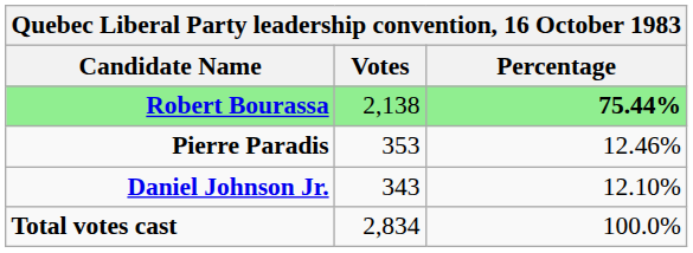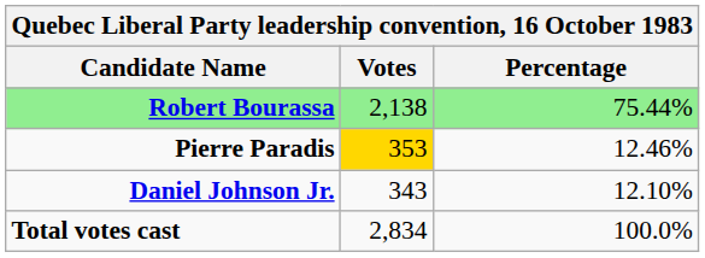 <table class="wikitable">
 <tr>
 <th colspan= 3>Quebec Liberal Party leadership convention, 16 October 1983</th>
 </tr>
 <tr>
 <th colspan = "1">Candidate Name</th>
 <th width = "50">Votes</th>
 <th>Percentage</th>
 </tr>
 <tr style="text-align:right;background:lightgreen;">
 <td width="200"><strong><a href='#'>Robert Bourassa</a></strong></td>
 <td>2,138</td>
-<td><strong>75.44%</strong></td>
+<td>75.44%</td>
 </tr>
 <tr style="text-align:right;">
 <td width="200"><strong>Pierre Paradis</strong></td>
-<td>353</td>
+<td style="background: gold;">353</td>
 <td>12.46%</td>
 </tr>
 <tr style="text-align:right;">
 <td width="200"><strong><a href='#'>Daniel Johnson Jr.</a></strong></td>
 <td>343</td>
 <td>12.10%</td>
 </tr>
 <tr style="text-align:right;">
 <td colspan = "1" style="text-align:left;"><strong>Total votes cast</strong></td>
 <td>2,834</td>
 <td>100.0%</td>
 </tr>
 </table>
